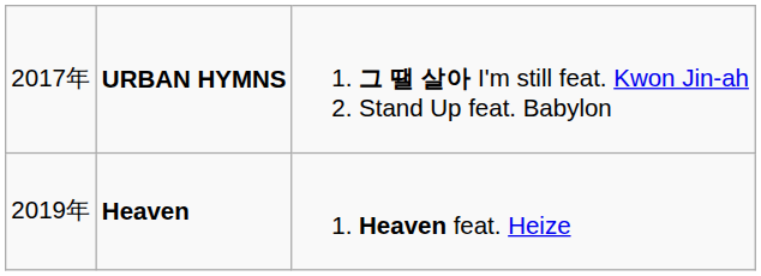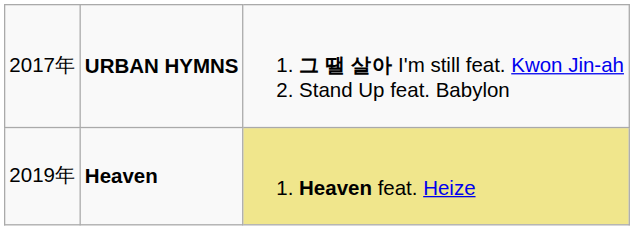 <table class="wikitable">
 <tr>
 <td>2017年</td>
 <td><strong>URBAN HYMNS</strong></td>
 <td><br><ol><li><strong>그 땔 살아</strong> I'm still feat. <a href='#'>Kwon Jin-ah</a></li><li>Stand Up feat. Babylon</li></ol></td>
 </tr>
 <tr>
 <td>2019年</td>
 <td><strong>Heaven</strong></td>
-<td><br><ol><li><strong>Heaven</strong> feat. <a href='#'>Heize</a></li></ol></td>
+<td style="background: khaki;"><br><ol><li><strong>Heaven</strong> feat. <a href='#'>Heize</a></li></ol></td>
 </tr>
 </table>
